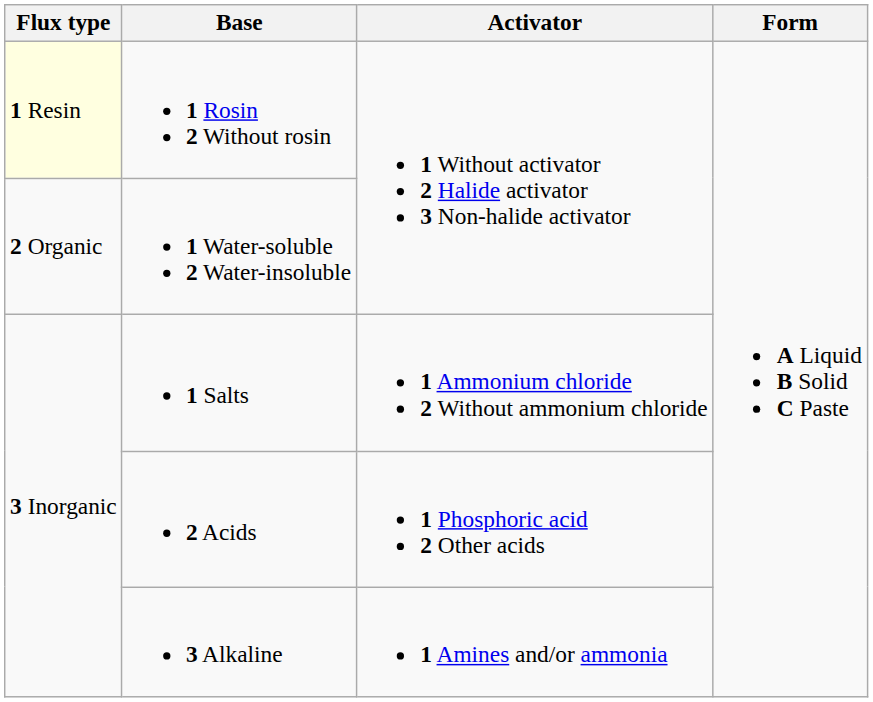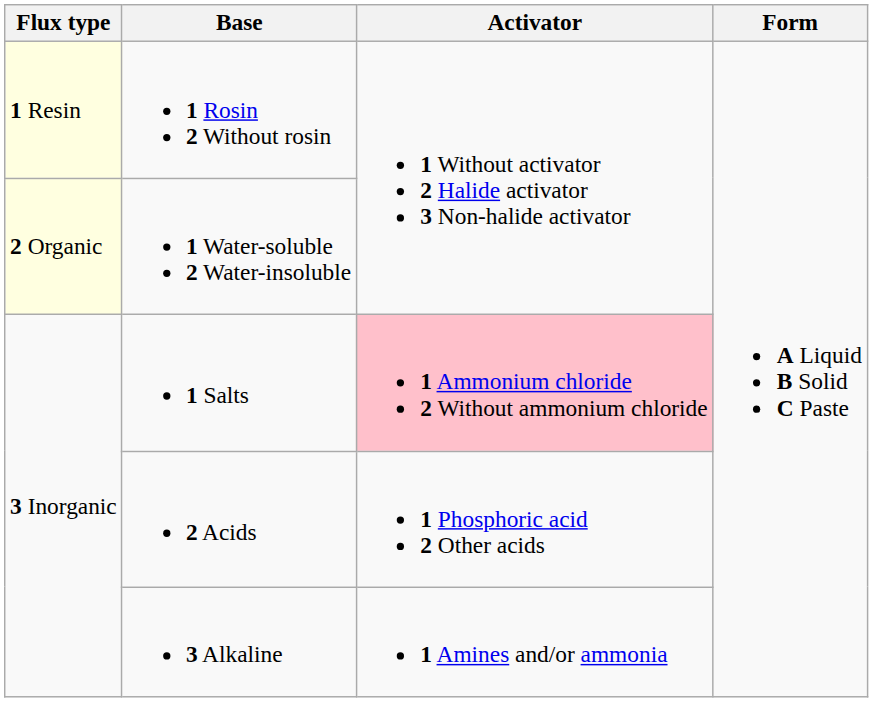 <table class="wikitable">
 <tr>
 <th>Flux type</th>
 <th>Base</th>
 <th>Activator</th>
 <th>Form</th>
 </tr>
 <tr>
 <td style="background: lightyellow;"><strong>1</strong> Resin</td>
 <td><br><ul><li><strong>1</strong> <a href='#'>Rosin</a></li><li><strong>2</strong> Without rosin</li></ul></td>
 <td rowspan="2"><br><ul><li><strong>1</strong> Without activator</li><li><strong>2</strong> <a href='#'>Halide</a> activator</li><li><strong>3</strong> Non-halide activator</li></ul></td>
 <td rowspan="5"><br><ul><li><strong>A</strong> Liquid</li><li><strong>B</strong> Solid</li><li><strong>C</strong> Paste</li></ul></td>
 </tr>
 <tr>
-<td><strong>2</strong> Organic</td>
+<td style="background: lightyellow;"><strong>2</strong> Organic</td>
 <td><br><ul><li><strong>1</strong> Water-soluble</li><li><strong>2</strong> Water-insoluble</li></ul></td>
 </tr>
 <tr>
 <td rowspan="3"><strong>3</strong> Inorganic</td>
 <td><br><ul><li><strong>1</strong> Salts</li></ul></td>
-<td><br><ul><li><strong>1</strong> <a href='#'>Ammonium chloride</a></li><li><strong>2</strong> Without ammonium chloride</li></ul></td>
+<td style="background: pink;"><br><ul><li><strong>1</strong> <a href='#'>Ammonium chloride</a></li><li><strong>2</strong> Without ammonium chloride</li></ul></td>
 </tr>
 <tr>
 <td><br><ul><li><strong>2</strong> Acids</li></ul></td>
 <td><br><ul><li><strong>1</strong> <a href='#'>Phosphoric acid</a></li><li><strong>2</strong> Other acids</li></ul></td>
 </tr>
 <tr>
 <td><br><ul><li><strong>3</strong> Alkaline</li></ul></td>
 <td><br><ul><li><strong>1</strong> <a href='#'>Amines</a> and/or <a href='#'>ammonia</a></li></ul></td>
 </tr>
 </table>
